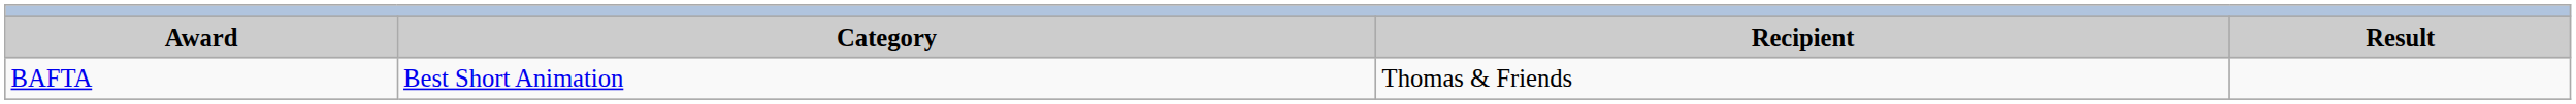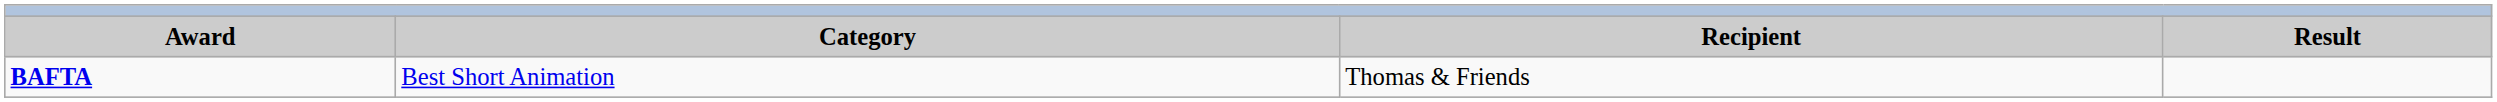 <table class="wikitable" style="font-size: 95%;" width="97%" wigborder="2" cellpadding="3" background: #f9f9f9;>
 <tr align="center">
 <th colspan="4" style="background:#B0C4DE;"></th>
 </tr>
 <tr align="center">
 <th style="background: #CCCCCC;">Award</th>
 <th style="background: #CCCCCC;">Category</th>
 <th style="background: #CCCCCC;">Recipient</th>
 <th style="background: #CCCCCC;">Result</th>
 </tr>
 <tr>
-<td><a href='#'>BAFTA</a></td>
+<td><strong><a href='#'>BAFTA</a></strong></td>
 <td rowspan="2"><a href='#'>Best Short Animation</a></td>
 <td rowspan="2">Thomas & Friends</td>
 <td></td>
 </tr>
 </table>
